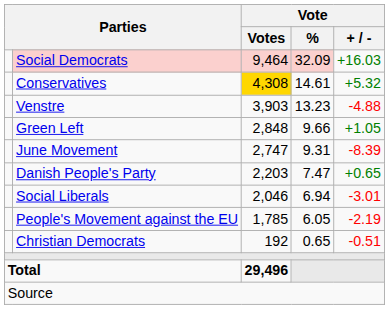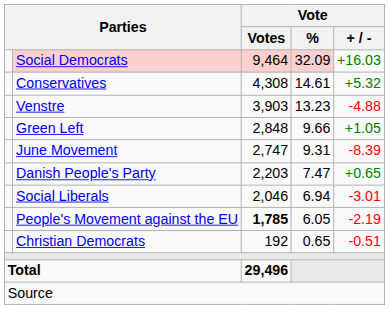 <table class="wikitable" style="text-align:right;">
 <tr>
 <th style="text-align:centre;" rowspan="2" colspan="2" width="225">Parties</th>
 <th colspan="3">Vote</th>
 </tr>
 <tr>
 <th width="15">Votes</th>
 <th width="15">%</th>
 <th width="15">+ / -</th>
 </tr>
 <tr>
 <td width="2" style="color:inherit;background:"></td>
 <td bgcolor=#fbd0ce   align="left"><a href='#'>Social Democrats</a></td>
 <td bgcolor=#fbd0ce>9,464</td>
 <td bgcolor=#fbd0ce>32.09</td>
 <td style=color:green;>+16.03</td>
 </tr>
 <tr>
 <td width="2" style="color:inherit;background:"></td>
 <td align="left"><a href='#'>Conservatives</a></td>
-<td style="background: gold;">4,308</td>
+<td>4,308</td>
 <td>14.61</td>
 <td style=color:green;>+5.32</td>
 </tr>
 <tr>
 <td width="2" style="color:inherit;background:"></td>
 <td align="left"><a href='#'>Venstre</a></td>
 <td>3,903</td>
 <td>13.23</td>
 <td style=color:red;>-4.88</td>
 </tr>
 <tr>
 <td width="2" style="color:inherit;background:"></td>
 <td align="left"><a href='#'>Green Left</a></td>
 <td>2,848</td>
 <td>9.66</td>
 <td style=color:green;>+1.05</td>
 </tr>
 <tr>
 <td width="2" style="color:inherit;background:"></td>
 <td align="left"><a href='#'>June Movement</a></td>
 <td>2,747</td>
 <td>9.31</td>
 <td style=color:red;>-8.39</td>
 </tr>
 <tr>
 <td width="2" style="color:inherit;background:"></td>
 <td align="left"><a href='#'>Danish People's Party</a></td>
 <td>2,203</td>
 <td>7.47</td>
 <td style=color:green;>+0.65</td>
 </tr>
 <tr>
 <td width="2" style="color:inherit;background:"></td>
 <td align="left"><a href='#'>Social Liberals</a></td>
 <td>2,046</td>
 <td>6.94</td>
 <td style=color:red;>-3.01</td>
 </tr>
 <tr>
 <td width="2" style="color:inherit;background:"></td>
 <td align="left"><a href='#'>People's Movement against the EU</a></td>
-<td>1,785</td>
+<td><strong>1,785</strong></td>
 <td>6.05</td>
 <td style=color:red;>-2.19</td>
 </tr>
 <tr>
 <td width="2" style="color:inherit;background:"></td>
 <td align="left"><a href='#'>Christian Democrats</a></td>
 <td>192</td>
 <td>0.65</td>
 <td style=color:red;>-0.51</td>
 </tr>
 <tr>
 <td colspan="7" bgcolor="#E9E9E9"></td>
 </tr>
 <tr>
 <td align="left" colspan="2"><strong>Total</strong></td>
 <td><strong>29,496</strong></td>
 <td bgcolor="#E9E9E9" colspan="2"></td>
 </tr>
 <tr>
 <td align="left" colspan="6">Source</td>
 </tr>
 </table>
